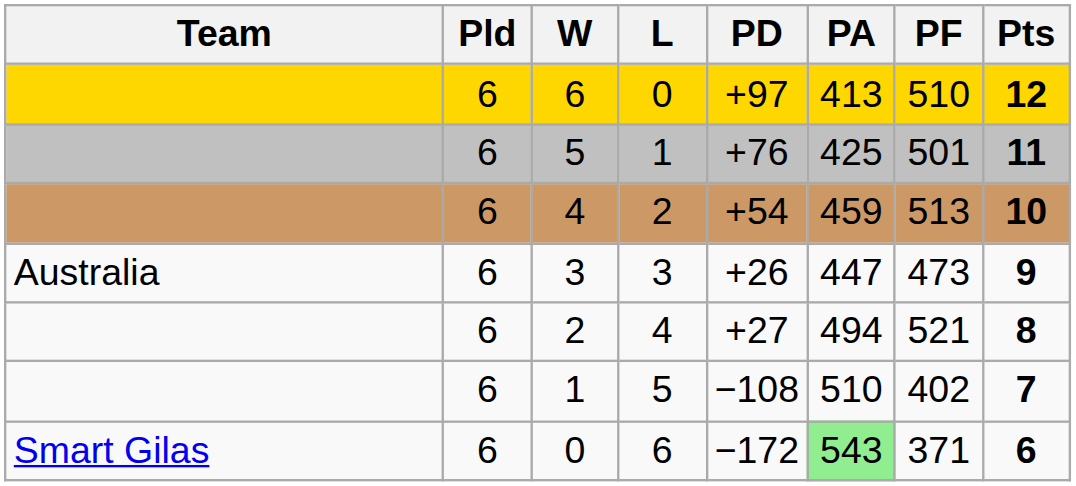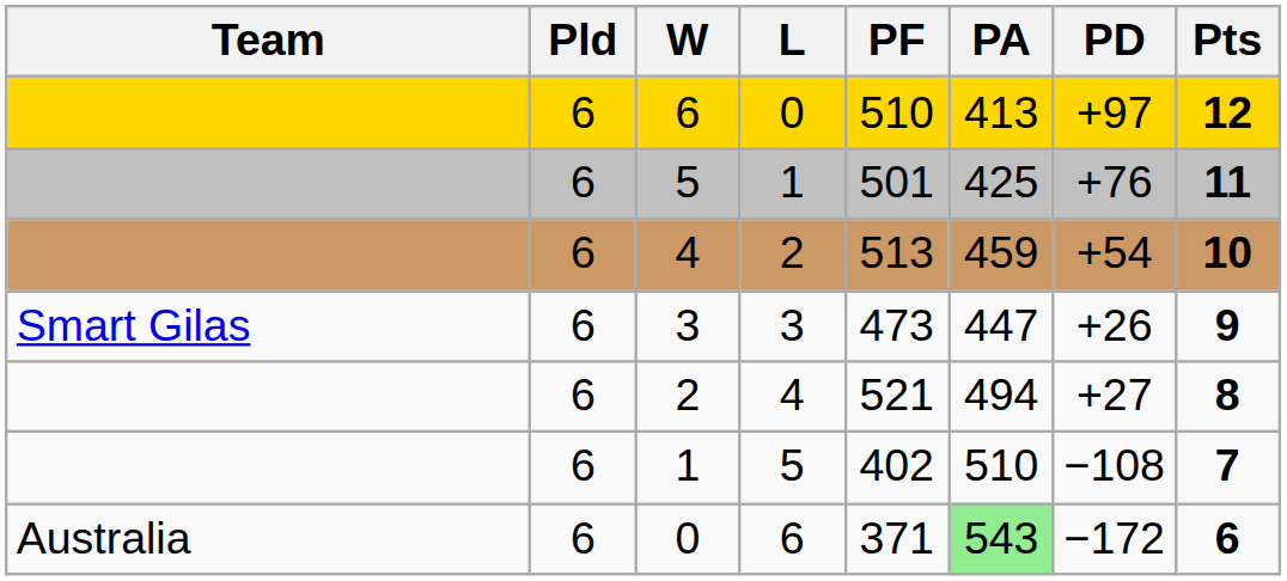 <table class="wikitable" style="text-align:center;">
 <tr>
 <th width=180>Team</th>
 <th width=30>Pld</th>
 <th width=30>W</th>
 <th width=30>L</th>
+<th width=30>PF</th>
+<th width=30>PA</th>
 <th width=30>PD</th>
-<th width=30>PA</th>
-<th width=30>PF</th>
 <th width=30>Pts</th>
 </tr>
 <tr bgcolor=gold>
 <td align="left"></td>
 <td>6</td>
 <td>6</td>
 <td>0</td>
+<td>510</td>
+<td>413</td>
 <td>+97</td>
-<td>413</td>
-<td>510</td>
 <td><strong>12</strong></td>
 </tr>
 <tr bgcolor=silver>
 <td align="left"></td>
 <td>6</td>
 <td>5</td>
 <td>1</td>
+<td>501</td>
+<td>425</td>
 <td>+76</td>
-<td>425</td>
-<td>501</td>
 <td><strong>11</strong></td>
 </tr>
 <tr bgcolor="#cc9966">
 <td align="left"></td>
 <td>6</td>
 <td>4</td>
 <td>2</td>
+<td>513</td>
+<td>459</td>
 <td>+54</td>
-<td>459</td>
-<td>513</td>
 <td><strong>10</strong></td>
 </tr>
 <tr>
-<td align="left"> Australia</td>
+<td align="left"> <a href='#'>Smart Gilas</a></td>
 <td>6</td>
 <td>3</td>
 <td>3</td>
+<td>473</td>
+<td>447</td>
 <td>+26</td>
-<td>447</td>
-<td>473</td>
 <td><strong>9</strong></td>
 </tr>
 <tr>
 <td align="left"></td>
 <td>6</td>
 <td>2</td>
 <td>4</td>
+<td>521</td>
+<td>494</td>
 <td>+27</td>
-<td>494</td>
-<td>521</td>
 <td><strong>8</strong></td>
 </tr>
 <tr>
 <td align="left"></td>
 <td>6</td>
 <td>1</td>
 <td>5</td>
+<td>402</td>
+<td>510</td>
 <td>−108</td>
-<td>510</td>
-<td>402</td>
 <td><strong>7</strong></td>
 </tr>
 <tr>
-<td align="left"> <a href='#'>Smart Gilas</a></td>
+<td align="left"> Australia</td>
 <td>6</td>
 <td>0</td>
 <td>6</td>
+<td>371</td>
+<td style="background: lightgreen;">543</td>
 <td>−172</td>
-<td style="background: lightgreen;">543</td>
-<td>371</td>
 <td><strong>6</strong></td>
 </tr>
 </table>
